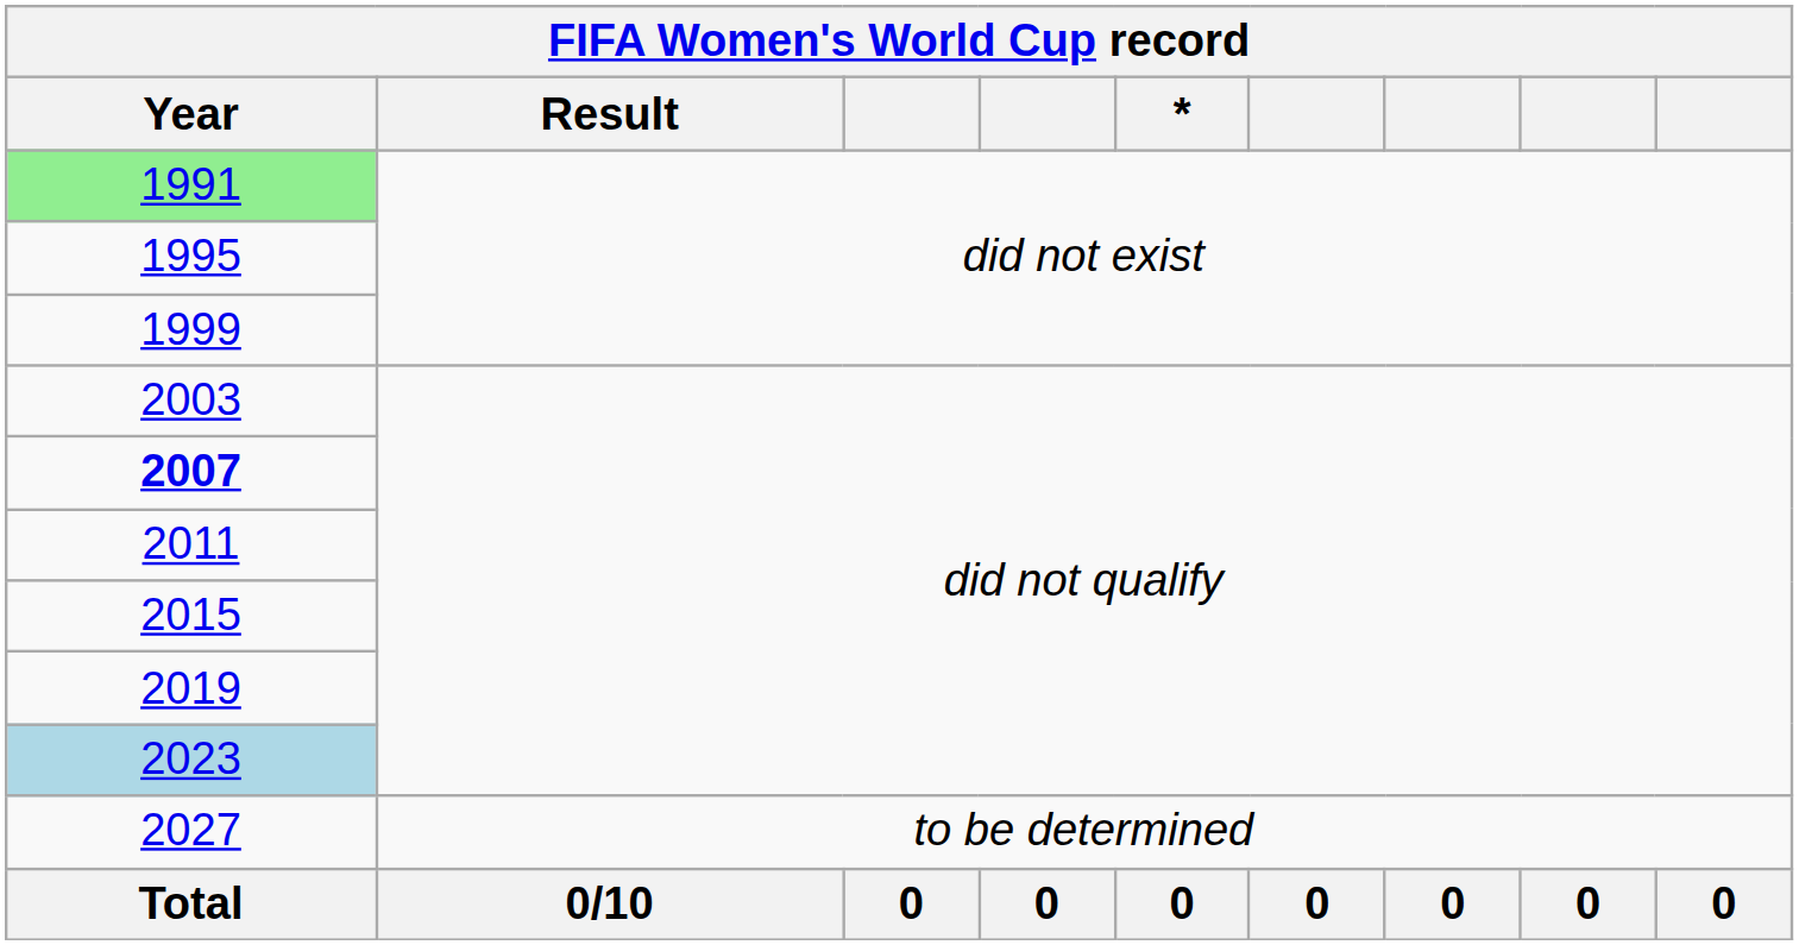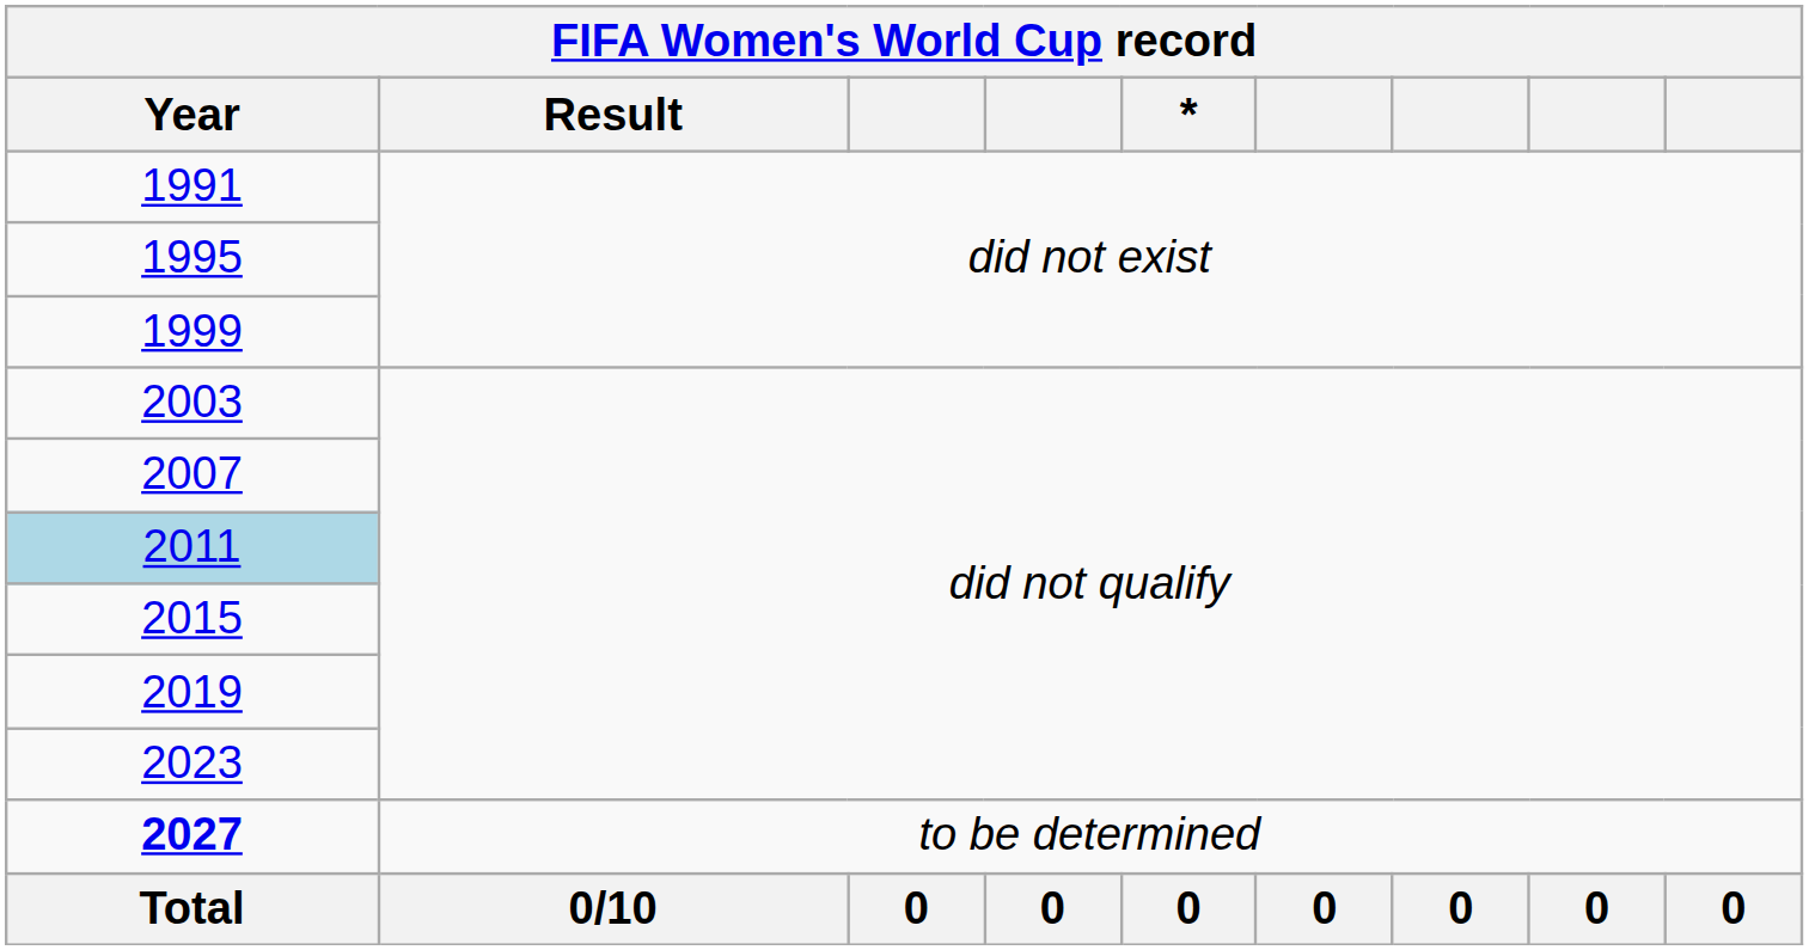 <table class="wikitable" style="text-align: center; width:50%;">
 <tr>
 <th colspan=10><a href='#'>FIFA Women's World Cup</a> record</th>
 </tr>
 <tr>
 <th>Year</th>
 <th>Result</th>
 <th></th>
 <th></th>
 <th>*</th>
 <th></th>
 <th></th>
 <th></th>
 <th></th>
 </tr>
 <tr>
-<td style="background: lightgreen;"> <a href='#'>1991</a></td>
+<td> <a href='#'>1991</a></td>
 <td rowspan=3 colspan=8><em>did not exist</em></td>
 </tr>
 <tr>
 <td> <a href='#'>1995</a></td>
 </tr>
 <tr>
 <td> <a href='#'>1999</a></td>
 </tr>
 <tr>
 <td> <a href='#'>2003</a></td>
 <td colspan=8 rowspan=6><em>did not qualify</em></td>
 </tr>
 <tr>
-<td><strong> <a href='#'>2007</a></strong></td>
+<td> <a href='#'>2007</a></td>
 </tr>
 <tr>
-<td> <a href='#'>2011</a></td>
+<td style="background: lightblue;"> <a href='#'>2011</a></td>
 </tr>
 <tr>
 <td> <a href='#'>2015</a></td>
 </tr>
 <tr>
 <td> <a href='#'>2019</a></td>
 </tr>
 <tr>
-<td style="background: lightblue;"> <a href='#'>2023</a></td>
+<td> <a href='#'>2023</a></td>
 </tr>
 <tr>
-<td> <a href='#'>2027</a></td>
+<td><strong> <a href='#'>2027</a></strong></td>
 <td colspan=8><em>to be determined</em></td>
 </tr>
 <tr>
 <th>Total</th>
 <th>0/10</th>
 <th>0</th>
 <th>0</th>
 <th>0</th>
 <th>0</th>
 <th>0</th>
 <th>0</th>
 <th>0</th>
 </tr>
 </table>
